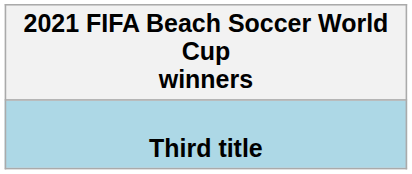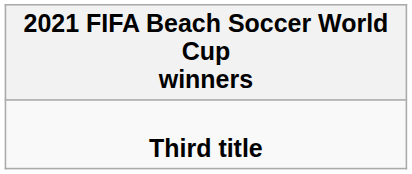 <table class="wikitable" style="margin:1em auto; text-align:center">
 <tr>
 <th width=250><strong>2021 FIFA Beach Soccer World Cup<br>winners</strong></th>
 </tr>
 <tr>
-<td style="background: lightblue;"><strong></strong><br><strong>Third title</strong><br></td>
+<td><strong></strong><br><strong>Third title</strong><br></td>
 </tr>
 </table>
